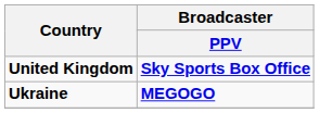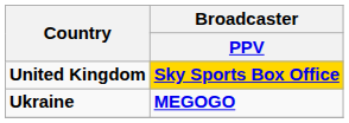 <table class="wikitable">
 <tr>
 <th rowspan="2">Country</th>
 <th colspan="2">Broadcaster</th>
 </tr>
 <tr>
 <th><a href='#'>PPV</a></th>
 </tr>
 <tr>
 <td><strong>United Kingdom</strong></td>
-<td><strong><a href='#'>Sky Sports Box Office</a></strong></td>
+<td style="background: gold;"><strong><a href='#'>Sky Sports Box Office</a></strong></td>
 </tr>
 <tr>
 <td><strong>Ukraine</strong></td>
 <td><strong><a href='#'>MEGOGO</a></strong></td>
 </tr>
 <tr>
 </tr>
 </table>
